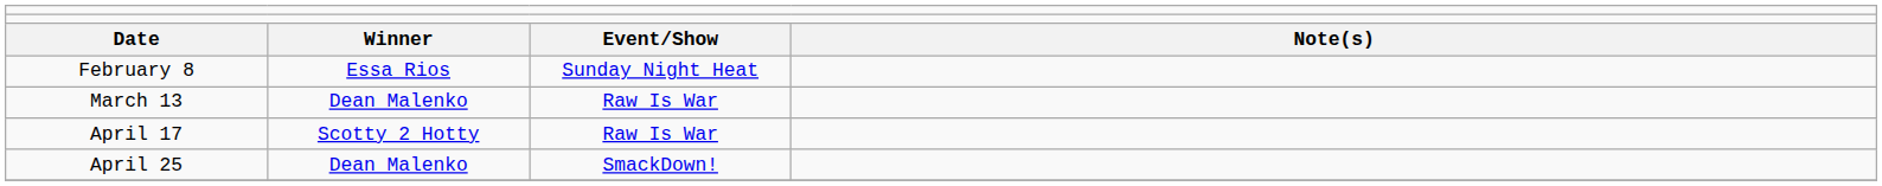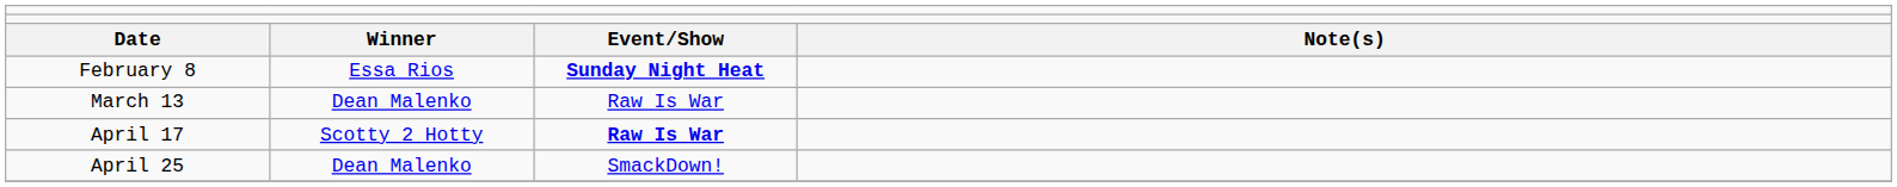 <table class="wikitable" style="text-align:center; width:100%;">
 <tr>
 <td colspan="5"></td>
 </tr>
 <tr>
 <td colspan="5"><strong></strong></td>
 </tr>
 <tr>
 <th width=14%>Date</th>
 <th width=14%>Winner</th>
 <th width=14%>Event/Show</th>
 <th width=58%>Note(s)</th>
 </tr>
 <tr>
 <td>February 8</td>
 <td><a href='#'>Essa Rios</a></td>
-<td><a href='#'>Sunday Night Heat</a></td>
+<td><strong><a href='#'>Sunday Night Heat</a></strong></td>
 <td align=left></td>
 </tr>
 <tr>
 <td>March 13</td>
 <td><a href='#'>Dean Malenko</a></td>
 <td><a href='#'>Raw Is War</a></td>
 <td align=left></td>
 </tr>
 <tr>
 <td>April 17</td>
 <td><a href='#'>Scotty 2 Hotty</a></td>
-<td><a href='#'>Raw Is War</a></td>
+<td><strong><a href='#'>Raw Is War</a></strong></td>
 <td align=left></td>
 </tr>
 <tr>
 <td>April 25</td>
 <td><a href='#'>Dean Malenko</a></td>
 <td><a href='#'>SmackDown!</a></td>
 <td align=left></td>
 </tr>
 <tr>
 </tr>
 </table>
